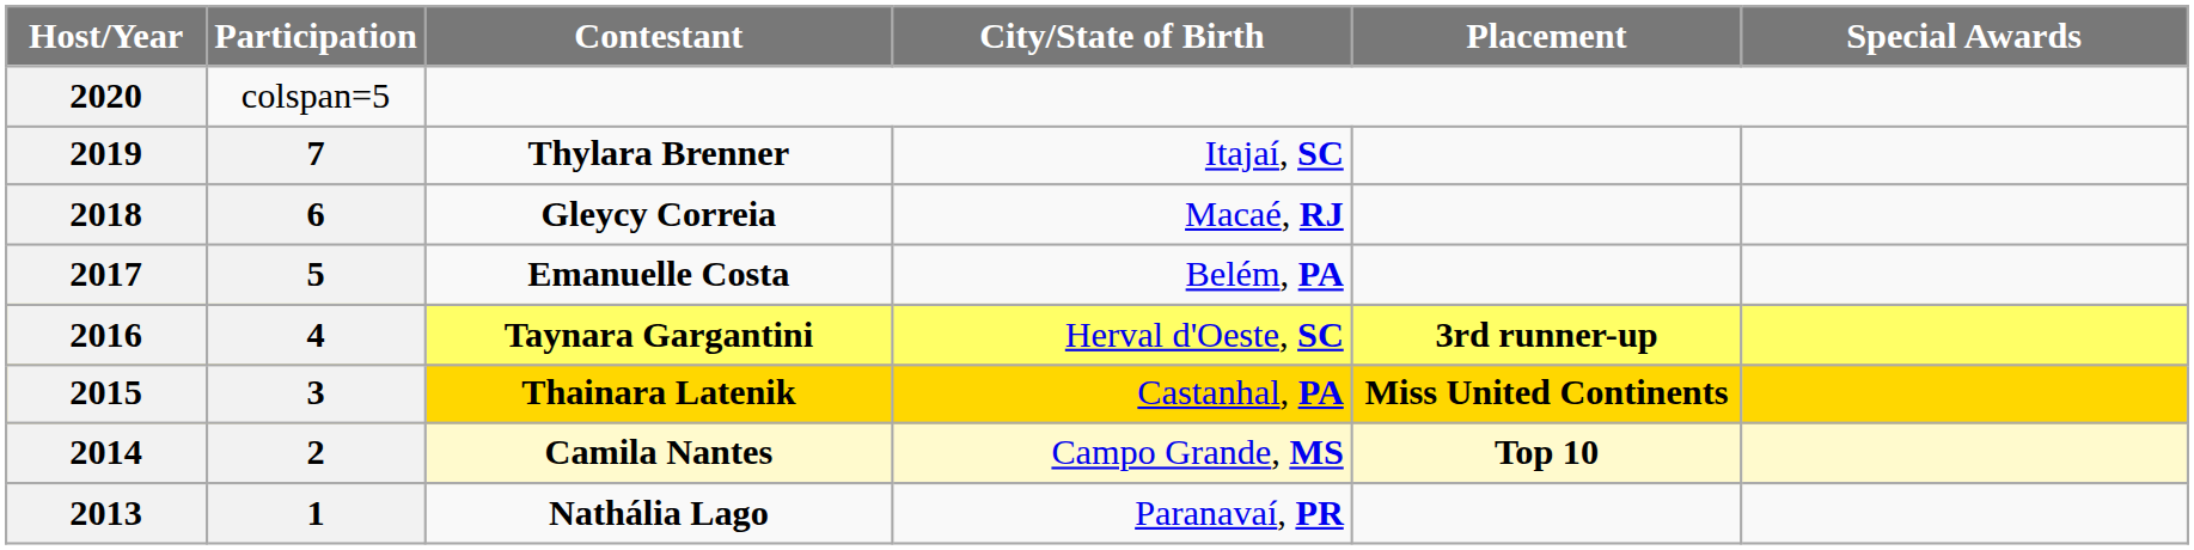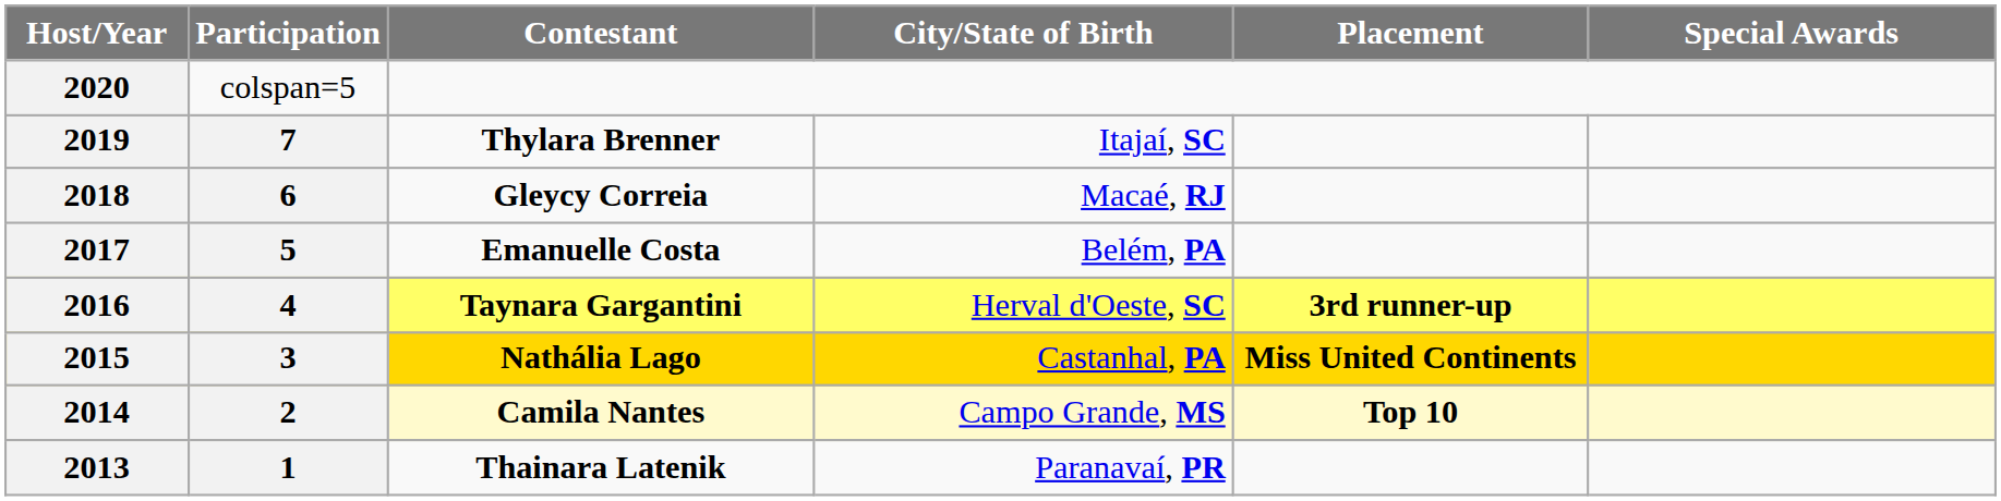 <table class="wikitable sortable" style="font-size: 90%; text-align:center">
 <tr>
 <th width="80" style="background-color:#787878;color:#FFFFFF;">Host/Year</th>
 <th width="80" style="background-color:#787878;color:#FFFFFF;">Participation</th>
 <th width="250" style="background-color:#787878;color:#FFFFFF;">Contestant</th>
 <th width="250" style="background-color:#787878;color:#FFFFFF;">City/State of Birth</th>
 <th width="200" style="background-color:#787878;color:#FFFFFF;">Placement</th>
 <th width="250" style="background-color:#787878;color:#FFFFFF;">Special Awards</th>
 </tr>
 <tr>
 <th>2020</th>
 <td>colspan=5 </td>
 </tr>
 <tr>
 <th>2019</th>
 <th>7</th>
 <td><strong>Thylara Brenner</strong></td>
 <td align="right"><a href='#'>Itajaí</a>, <strong><a href='#'>SC</a></strong></td>
 <td></td>
 <td></td>
 </tr>
 <tr>
 <th>2018</th>
 <th>6</th>
 <td><strong>Gleycy Correia</strong></td>
 <td align="right"><a href='#'>Macaé</a>, <strong><a href='#'>RJ</a></strong></td>
 <td></td>
 <td></td>
 </tr>
 <tr>
 <th>2017</th>
 <th>5</th>
 <td><strong>Emanuelle Costa</strong></td>
 <td align="right"><a href='#'>Belém</a>, <strong><a href='#'>PA</a></strong></td>
 <td></td>
 <td></td>
 </tr>
 <tr bgcolor="FFFF66">
 <th>2016</th>
 <th>4</th>
 <td><strong>Taynara Gargantini</strong></td>
 <td align="right"><a href='#'>Herval d'Oeste</a>, <strong><a href='#'>SC</a></strong></td>
 <td><strong>3rd runner-up</strong></td>
 <td></td>
 </tr>
 <tr bgcolor="gold">
 <th>2015</th>
 <th>3</th>
-<td><strong>Thainara Latenik</strong></td>
+<td><strong>Nathália Lago</strong></td>
 <td align="right"><a href='#'>Castanhal</a>, <strong><a href='#'>PA</a></strong></td>
 <td><strong>Miss United Continents</strong></td>
 <td></td>
 </tr>
 <tr bgcolor="FFFACD">
 <th>2014</th>
 <th>2</th>
 <td><strong>Camila Nantes</strong></td>
 <td align="right"><a href='#'>Campo Grande</a>, <strong><a href='#'>MS</a></strong></td>
 <td><strong>Top 10</strong></td>
 <td></td>
 </tr>
 <tr>
 <th>2013</th>
 <th>1</th>
-<td><strong>Nathália Lago</strong></td>
+<td><strong>Thainara Latenik</strong></td>
 <td align="right"><a href='#'>Paranavaí</a>, <strong><a href='#'>PR</a></strong></td>
 <td></td>
 <td></td>
 </tr>
 </table>
